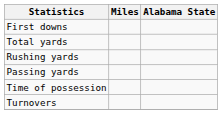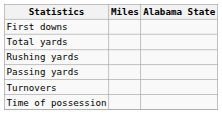 <table class="wikitable">
 <tr>
 <th>Statistics</th>
 <th>Miles</th>
 <th>Alabama State</th>
 </tr>
 <tr>
 <td>First downs</td>
 <td></td>
 <td> </td>
 </tr>
 <tr>
 <td>Total yards</td>
 <td> </td>
 <td> </td>
 </tr>
 <tr>
 <td>Rushing yards</td>
 <td> </td>
 <td> </td>
 </tr>
 <tr>
 <td>Passing yards</td>
 <td> </td>
 <td> </td>
 </tr>
 <tr>
-<td>Time of possession</td>
+<td>Turnovers</td>
 <td> </td>
 <td> </td>
 </tr>
 <tr>
-<td>Turnovers</td>
+<td>Time of possession</td>
 <td> </td>
 <td> </td>
 </tr>
 <tr>
 </tr>
 </table>
